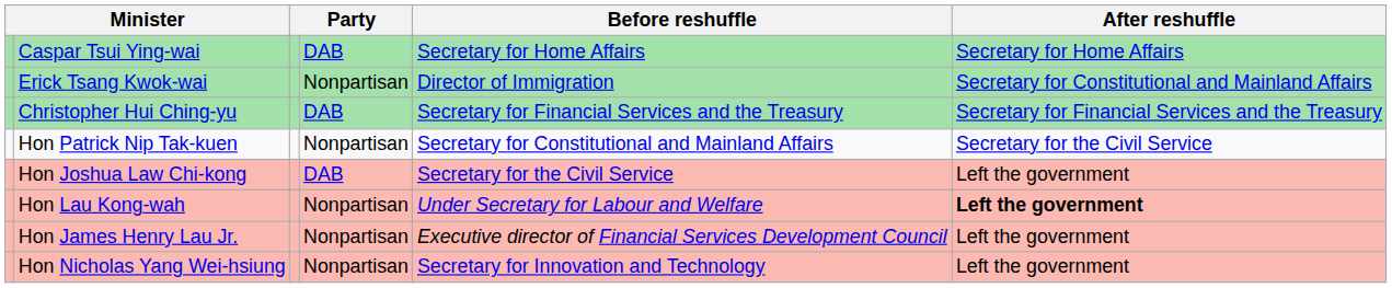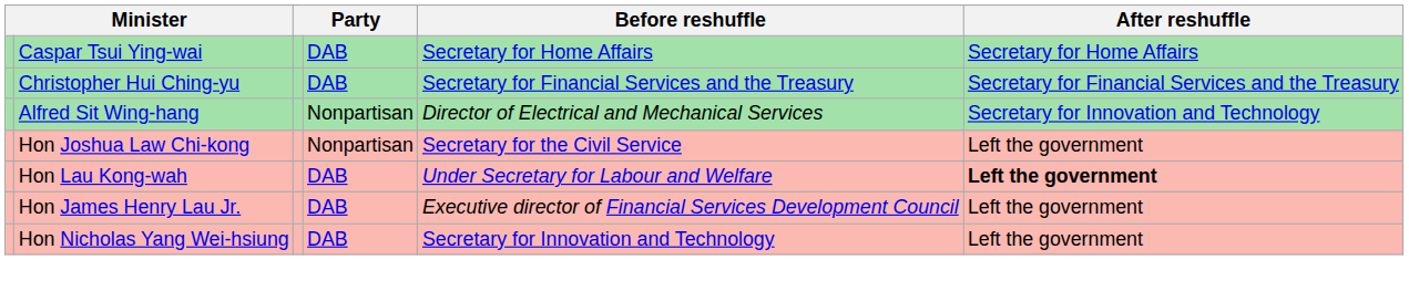 <table class="wikitable">
 <tr>
 <th colspan="2">Minister</th>
 <th colspan="2">Party</th>
 <th>Before reshuffle</th>
 <th>After reshuffle</th>
 </tr>
 <tr style="background:#A2E2AA">
 <td></td>
 <td><a href='#'>Caspar Tsui Ying-wai</a></td>
 <td></td>
 <td><a href='#'>DAB</a></td>
 <td><a href='#'>Secretary for Home Affairs</a></td>
 <td><a href='#'>Secretary for Home Affairs</a></td>
 </tr>
 <tr style="background:#A2E2AA">
 <td></td>
-<td><a href='#'>Erick Tsang Kwok-wai</a> </td>
-<td bgcolor=></td>
-<td>Nonpartisan</td>
-<td><a href='#'>Director of Immigration</a></td>
-<td><a href='#'>Secretary for Constitutional and Mainland Affairs</a></td>
-</tr>
-<tr style="background:#A2E2AA">
-<td></td>
 <td><a href='#'>Christopher Hui Ching-yu</a></td>
 <td></td>
 <td><a href='#'>DAB</a></td>
 <td><a href='#'>Secretary for Financial Services and the Treasury</a></td>
 <td><a href='#'>Secretary for Financial Services and the Treasury</a></td>
 </tr>
-<tr>
+<tr style="background:#A2E2AA">
 <td></td>
-<td>Hon <a href='#'>Patrick Nip Tak-kuen</a> </td>
+<td><a href='#'>Alfred Sit Wing-hang</a> </td>
 <td bgcolor=></td>
 <td>Nonpartisan</td>
-<td><a href='#'>Secretary for Constitutional and Mainland Affairs</a></td>
-<td><a href='#'>Secretary for the Civil Service</a></td>
+<td><em>Director of Electrical and Mechanical Services</em></td>
+<td><a href='#'>Secretary for Innovation and Technology</a></td>
 </tr>
 <tr style="background:#FBB9B2">
 <td></td>
 <td>Hon <a href='#'>Joshua Law Chi-kong</a> </td>
 <td bgcolor=></td>
-<td><a href='#'>DAB</a></td>
+<td>Nonpartisan</td>
 <td><a href='#'>Secretary for the Civil Service</a></td>
 <td>Left the government</td>
 </tr>
 <tr style="background:#FBB9B2">
 <td></td>
 <td>Hon <a href='#'>Lau Kong-wah</a> </td>
 <td bgcolor=></td>
-<td>Nonpartisan</td>
+<td><a href='#'>DAB</a></td>
 <td><em><a href='#'>Under Secretary for Labour and Welfare</a></em></td>
 <td><strong>Left the government</strong></td>
 </tr>
 <tr style="background:#FBB9B2">
 <td></td>
 <td>Hon <a href='#'>James Henry Lau Jr.</a> </td>
 <td></td>
-<td>Nonpartisan</td>
+<td><a href='#'>DAB</a></td>
 <td><em>Executive director of <a href='#'>Financial Services Development Council</a></em></td>
 <td>Left the government</td>
 </tr>
 <tr style="background:#FBB9B2">
 <td></td>
 <td>Hon <a href='#'>Nicholas Yang Wei-hsiung</a> </td>
 <td bgcolor=></td>
-<td>Nonpartisan</td>
+<td><a href='#'>DAB</a></td>
 <td><a href='#'>Secretary for Innovation and Technology</a></td>
 <td>Left the government</td>
 </tr>
 </table>
